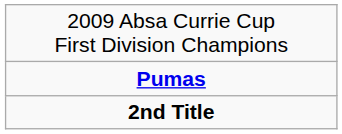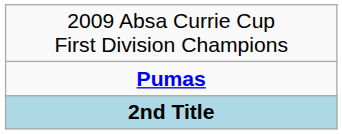 <table class="wikitable" style="text-align: center; margin: 0 auto; width: 20%">
 <tr>
 <td>2009 Absa Currie Cup <br>First Division Champions<br></td>
 </tr>
 <tr>
 <td><strong><a href='#'>Pumas</a></strong></td>
 </tr>
 <tr>
-<td><strong> 2nd Title </strong></td>
+<td style="background: lightblue;"><strong> 2nd Title </strong></td>
 </tr>
 </table>
